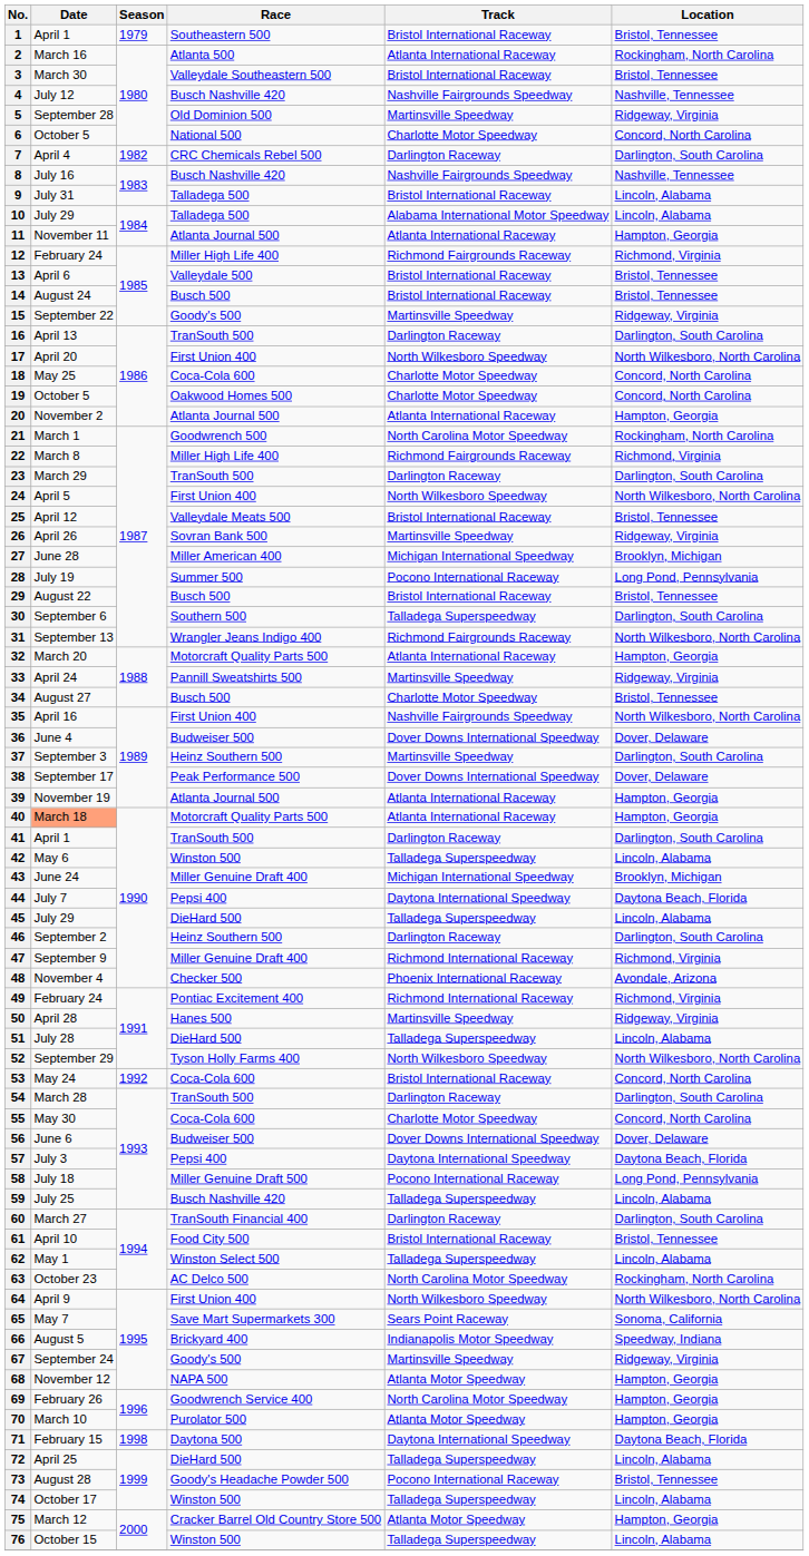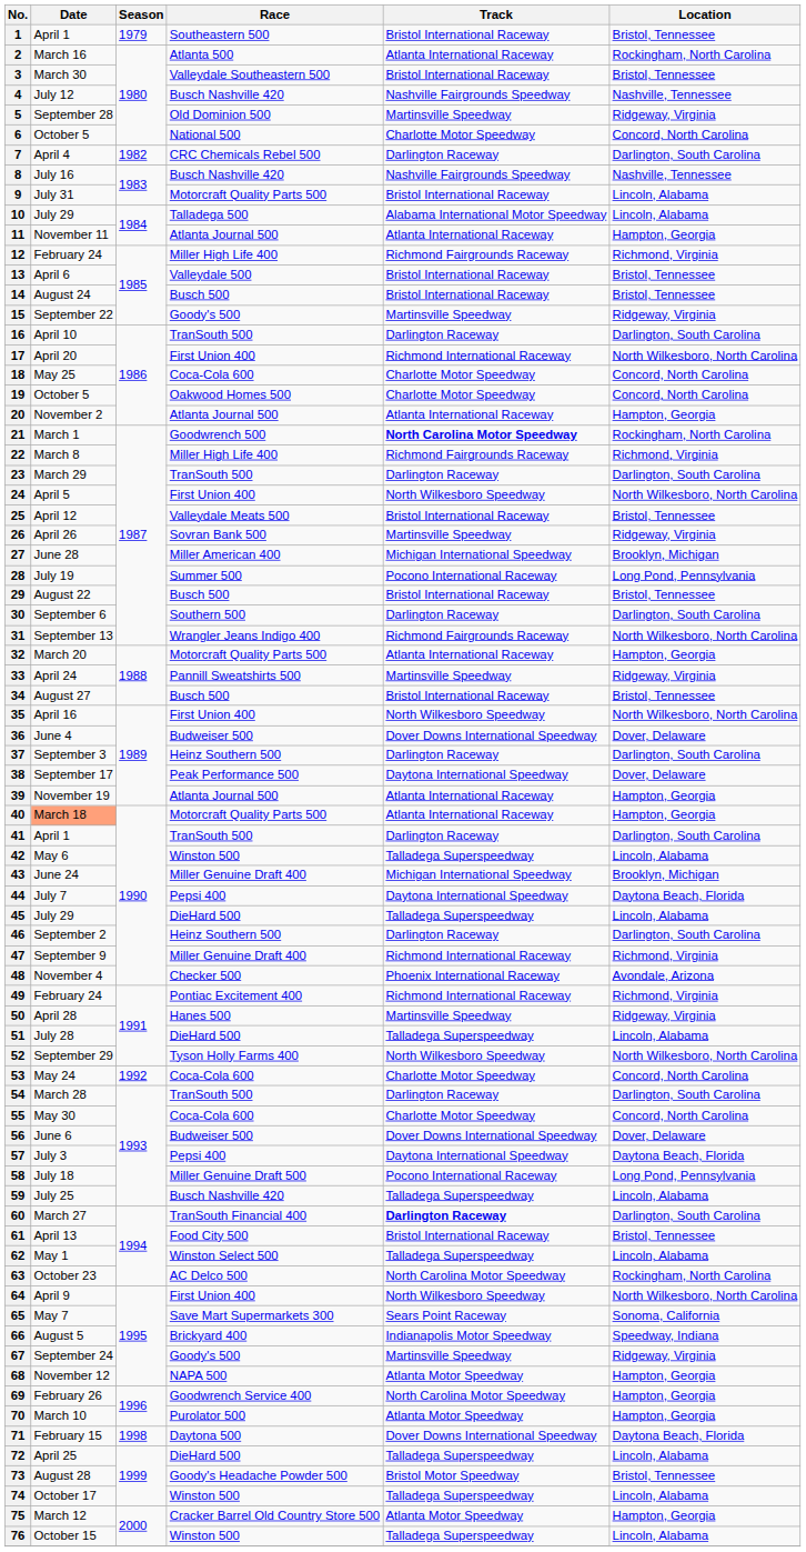 <table class="wikitable sortable">
 <tr>
 <th scope="col">No.</th>
 <th scope="col">Date</th>
 <th scope="col">Season</th>
 <th scope="col">Race</th>
 <th scope="col">Track</th>
 <th scope="col">Location</th>
 </tr>
 <tr>
 <th scope="row">1</th>
 <td>April 1</td>
 <td><a href='#'>1979</a></td>
 <td><a href='#'>Southeastern 500</a></td>
 <td><a href='#'>Bristol International Raceway</a></td>
 <td><a href='#'>Bristol, Tennessee</a></td>
 </tr>
 <tr>
 <th scope="row">2</th>
 <td>March 16</td>
 <td rowspan=5><a href='#'>1980</a></td>
 <td><a href='#'>Atlanta 500</a></td>
 <td><a href='#'>Atlanta International Raceway</a></td>
 <td><a href='#'>Rockingham, North Carolina</a></td>
 </tr>
 <tr>
 <th scope="row">3</th>
 <td>March 30</td>
 <td><a href='#'>Valleydale Southeastern 500</a></td>
 <td><a href='#'>Bristol International Raceway</a></td>
 <td><a href='#'>Bristol, Tennessee</a></td>
 </tr>
 <tr>
 <th scope="row">4</th>
 <td>July 12</td>
 <td><a href='#'>Busch Nashville 420</a></td>
 <td><a href='#'>Nashville Fairgrounds Speedway</a></td>
 <td><a href='#'>Nashville, Tennessee</a></td>
 </tr>
 <tr>
 <th scope="row">5</th>
 <td>September 28</td>
 <td><a href='#'>Old Dominion 500</a></td>
 <td><a href='#'>Martinsville Speedway</a></td>
 <td><a href='#'>Ridgeway, Virginia</a></td>
 </tr>
 <tr>
 <th scope="row">6</th>
 <td>October 5</td>
 <td><a href='#'>National 500</a></td>
 <td><a href='#'>Charlotte Motor Speedway</a></td>
 <td><a href='#'>Concord, North Carolina</a></td>
 </tr>
 <tr>
 <th scope="row">7</th>
 <td>April 4</td>
 <td><a href='#'>1982</a></td>
 <td><a href='#'>CRC Chemicals Rebel 500</a></td>
 <td><a href='#'>Darlington Raceway</a></td>
 <td><a href='#'>Darlington, South Carolina</a></td>
 </tr>
 <tr>
 <th scope="row">8</th>
 <td>July 16</td>
 <td rowspan=2><a href='#'>1983</a></td>
 <td><a href='#'>Busch Nashville 420</a></td>
 <td><a href='#'>Nashville Fairgrounds Speedway</a></td>
 <td><a href='#'>Nashville, Tennessee</a></td>
 </tr>
 <tr>
 <th scope="row">9</th>
 <td>July 31</td>
-<td><a href='#'>Talladega 500</a></td>
+<td><a href='#'>Motorcraft Quality Parts 500</a></td>
 <td><a href='#'>Bristol International Raceway</a></td>
 <td><a href='#'>Lincoln, Alabama</a></td>
 </tr>
 <tr>
 <th scope="row">10</th>
 <td>July 29</td>
 <td rowspan=2><a href='#'>1984</a></td>
 <td><a href='#'>Talladega 500</a></td>
 <td><a href='#'>Alabama International Motor Speedway</a></td>
 <td><a href='#'>Lincoln, Alabama</a></td>
 </tr>
 <tr>
 <th scope="row">11</th>
 <td>November 11</td>
 <td><a href='#'>Atlanta Journal 500</a></td>
 <td><a href='#'>Atlanta International Raceway</a></td>
 <td><a href='#'>Hampton, Georgia</a></td>
 </tr>
 <tr>
 <th scope="row">12</th>
 <td>February 24</td>
 <td rowspan=4><a href='#'>1985</a></td>
 <td><a href='#'>Miller High Life 400</a></td>
 <td><a href='#'>Richmond Fairgrounds Raceway</a></td>
 <td><a href='#'>Richmond, Virginia</a></td>
 </tr>
 <tr>
 <th scope="row">13</th>
 <td>April 6</td>
 <td><a href='#'>Valleydale 500</a></td>
 <td><a href='#'>Bristol International Raceway</a></td>
 <td><a href='#'>Bristol, Tennessee</a></td>
 </tr>
 <tr>
 <th scope="row">14</th>
 <td>August 24</td>
 <td><a href='#'>Busch 500</a></td>
 <td><a href='#'>Bristol International Raceway</a></td>
 <td><a href='#'>Bristol, Tennessee</a></td>
 </tr>
 <tr>
 <th scope="row">15</th>
 <td>September 22</td>
 <td><a href='#'>Goody's 500</a></td>
 <td><a href='#'>Martinsville Speedway</a></td>
 <td><a href='#'>Ridgeway, Virginia</a></td>
 </tr>
 <tr>
 <th scope="row">16</th>
-<td>April 13</td>
+<td>April 10</td>
 <td rowspan=5><a href='#'>1986</a></td>
 <td><a href='#'>TranSouth 500</a></td>
 <td><a href='#'>Darlington Raceway</a></td>
 <td><a href='#'>Darlington, South Carolina</a></td>
 </tr>
 <tr>
 <th scope="row">17</th>
 <td>April 20</td>
 <td><a href='#'>First Union 400</a></td>
-<td><a href='#'>North Wilkesboro Speedway</a></td>
+<td><a href='#'>Richmond International Raceway</a></td>
 <td><a href='#'>North Wilkesboro, North Carolina</a></td>
 </tr>
 <tr>
 <th scope="row">18</th>
 <td>May 25</td>
 <td><a href='#'>Coca-Cola 600</a></td>
 <td><a href='#'>Charlotte Motor Speedway</a></td>
 <td><a href='#'>Concord, North Carolina</a></td>
 </tr>
 <tr>
 <th scope="row">19</th>
 <td>October 5</td>
 <td><a href='#'>Oakwood Homes 500</a></td>
 <td><a href='#'>Charlotte Motor Speedway</a></td>
 <td><a href='#'>Concord, North Carolina</a></td>
 </tr>
 <tr>
 <th scope="row">20</th>
 <td>November 2</td>
 <td><a href='#'>Atlanta Journal 500</a></td>
 <td><a href='#'>Atlanta International Raceway</a></td>
 <td><a href='#'>Hampton, Georgia</a></td>
 </tr>
 <tr>
 <th scope="row">21</th>
 <td>March 1</td>
 <td rowspan=11><a href='#'>1987</a></td>
 <td><a href='#'>Goodwrench 500</a></td>
-<td><a href='#'>North Carolina Motor Speedway</a></td>
+<td><strong><a href='#'>North Carolina Motor Speedway</a></strong></td>
 <td><a href='#'>Rockingham, North Carolina</a></td>
 </tr>
 <tr>
 <th scope="row">22</th>
 <td>March 8</td>
 <td><a href='#'>Miller High Life 400</a></td>
 <td><a href='#'>Richmond Fairgrounds Raceway</a></td>
 <td><a href='#'>Richmond, Virginia</a></td>
 </tr>
 <tr>
 <th scope="row">23</th>
 <td>March 29</td>
 <td><a href='#'>TranSouth 500</a></td>
 <td><a href='#'>Darlington Raceway</a></td>
 <td><a href='#'>Darlington, South Carolina</a></td>
 </tr>
 <tr>
 <th scope="row">24</th>
 <td>April 5</td>
 <td><a href='#'>First Union 400</a></td>
 <td><a href='#'>North Wilkesboro Speedway</a></td>
 <td><a href='#'>North Wilkesboro, North Carolina</a></td>
 </tr>
 <tr>
 <th scope="row">25</th>
 <td>April 12</td>
 <td><a href='#'>Valleydale Meats 500</a></td>
 <td><a href='#'>Bristol International Raceway</a></td>
 <td><a href='#'>Bristol, Tennessee</a></td>
 </tr>
 <tr>
 <th scope="row">26</th>
 <td>April 26</td>
 <td><a href='#'>Sovran Bank 500</a></td>
 <td><a href='#'>Martinsville Speedway</a></td>
 <td><a href='#'>Ridgeway, Virginia</a></td>
 </tr>
 <tr>
 <th scope="row">27</th>
 <td>June 28</td>
 <td><a href='#'>Miller American 400</a></td>
 <td><a href='#'>Michigan International Speedway</a></td>
 <td><a href='#'>Brooklyn, Michigan</a></td>
 </tr>
 <tr>
 <th scope="row">28</th>
 <td>July 19</td>
 <td><a href='#'>Summer 500</a></td>
 <td><a href='#'>Pocono International Raceway</a></td>
 <td><a href='#'>Long Pond, Pennsylvania</a></td>
 </tr>
 <tr>
 <th scope="row">29</th>
 <td>August 22</td>
 <td><a href='#'>Busch 500</a></td>
 <td><a href='#'>Bristol International Raceway</a></td>
 <td><a href='#'>Bristol, Tennessee</a></td>
 </tr>
 <tr>
 <th scope="row">30</th>
 <td>September 6</td>
 <td><a href='#'>Southern 500</a></td>
-<td><a href='#'>Talladega Superspeedway</a></td>
+<td><a href='#'>Darlington Raceway</a></td>
 <td><a href='#'>Darlington, South Carolina</a></td>
 </tr>
 <tr>
 <th scope="row">31</th>
 <td>September 13</td>
 <td><a href='#'>Wrangler Jeans Indigo 400</a></td>
 <td><a href='#'>Richmond Fairgrounds Raceway</a></td>
 <td><a href='#'>North Wilkesboro, North Carolina</a></td>
 </tr>
 <tr>
 <th scope="row">32</th>
 <td>March 20</td>
 <td rowspan=3><a href='#'>1988</a></td>
 <td><a href='#'>Motorcraft Quality Parts 500</a></td>
 <td><a href='#'>Atlanta International Raceway</a></td>
 <td><a href='#'>Hampton, Georgia</a></td>
 </tr>
 <tr>
 <th scope="row">33</th>
 <td>April 24</td>
 <td><a href='#'>Pannill Sweatshirts 500</a></td>
 <td><a href='#'>Martinsville Speedway</a></td>
 <td><a href='#'>Ridgeway, Virginia</a></td>
 </tr>
 <tr>
 <th scope="row">34</th>
 <td>August 27</td>
 <td><a href='#'>Busch 500</a></td>
-<td><a href='#'>Charlotte Motor Speedway</a></td>
+<td><a href='#'>Bristol International Raceway</a></td>
 <td><a href='#'>Bristol, Tennessee</a></td>
 </tr>
 <tr>
 <th scope="row">35</th>
 <td>April 16</td>
 <td rowspan=5><a href='#'>1989</a></td>
 <td><a href='#'>First Union 400</a></td>
-<td><a href='#'>Nashville Fairgrounds Speedway</a></td>
+<td><a href='#'>North Wilkesboro Speedway</a></td>
 <td><a href='#'>North Wilkesboro, North Carolina</a></td>
 </tr>
 <tr>
 <th scope="row">36</th>
 <td>June 4</td>
 <td><a href='#'>Budweiser 500</a></td>
 <td><a href='#'>Dover Downs International Speedway</a></td>
 <td><a href='#'>Dover, Delaware</a></td>
 </tr>
 <tr>
 <th scope="row">37</th>
 <td>September 3</td>
 <td><a href='#'>Heinz Southern 500</a></td>
-<td><a href='#'>Martinsville Speedway</a></td>
+<td><a href='#'>Darlington Raceway</a></td>
 <td><a href='#'>Darlington, South Carolina</a></td>
 </tr>
 <tr>
 <th scope="row">38</th>
 <td>September 17</td>
 <td><a href='#'>Peak Performance 500</a></td>
-<td><a href='#'>Dover Downs International Speedway</a></td>
+<td><a href='#'>Daytona International Speedway</a></td>
 <td><a href='#'>Dover, Delaware</a></td>
 </tr>
 <tr>
 <th scope="row">39</th>
 <td>November 19</td>
 <td><a href='#'>Atlanta Journal 500</a></td>
 <td><a href='#'>Atlanta International Raceway</a></td>
 <td><a href='#'>Hampton, Georgia</a></td>
 </tr>
 <tr>
 <th scope="row">40</th>
 <td style="background: lightsalmon;">March 18</td>
 <td rowspan=9><a href='#'>1990</a></td>
 <td><a href='#'>Motorcraft Quality Parts 500</a></td>
 <td><a href='#'>Atlanta International Raceway</a></td>
 <td><a href='#'>Hampton, Georgia</a></td>
 </tr>
 <tr>
 <th scope="row">41</th>
 <td>April 1</td>
 <td><a href='#'>TranSouth 500</a></td>
 <td><a href='#'>Darlington Raceway</a></td>
 <td><a href='#'>Darlington, South Carolina</a></td>
 </tr>
 <tr>
 <th scope="row">42</th>
 <td>May 6</td>
 <td><a href='#'>Winston 500</a></td>
 <td><a href='#'>Talladega Superspeedway</a></td>
 <td><a href='#'>Lincoln, Alabama</a></td>
 </tr>
 <tr>
 <th scope="row">43</th>
 <td>June 24</td>
 <td><a href='#'>Miller Genuine Draft 400</a></td>
 <td><a href='#'>Michigan International Speedway</a></td>
 <td><a href='#'>Brooklyn, Michigan</a></td>
 </tr>
 <tr>
 <th scope="row">44</th>
 <td>July 7</td>
 <td><a href='#'>Pepsi 400</a></td>
 <td><a href='#'>Daytona International Speedway</a></td>
 <td><a href='#'>Daytona Beach, Florida</a></td>
 </tr>
 <tr>
 <th scope="row">45</th>
 <td>July 29</td>
 <td><a href='#'>DieHard 500</a></td>
 <td><a href='#'>Talladega Superspeedway</a></td>
 <td><a href='#'>Lincoln, Alabama</a></td>
 </tr>
 <tr>
 <th scope="row">46</th>
 <td>September 2</td>
 <td><a href='#'>Heinz Southern 500</a></td>
 <td><a href='#'>Darlington Raceway</a></td>
 <td><a href='#'>Darlington, South Carolina</a></td>
 </tr>
 <tr>
 <th scope="row">47</th>
 <td>September 9</td>
 <td><a href='#'>Miller Genuine Draft 400</a></td>
 <td><a href='#'>Richmond International Raceway</a></td>
 <td><a href='#'>Richmond, Virginia</a></td>
 </tr>
 <tr>
 <th scope="row">48</th>
 <td>November 4</td>
 <td><a href='#'>Checker 500</a></td>
 <td><a href='#'>Phoenix International Raceway</a></td>
 <td><a href='#'>Avondale, Arizona</a></td>
 </tr>
 <tr>
 <th scope="row">49</th>
 <td>February 24</td>
 <td rowspan=4><a href='#'>1991</a></td>
 <td><a href='#'>Pontiac Excitement 400</a></td>
 <td><a href='#'>Richmond International Raceway</a></td>
 <td><a href='#'>Richmond, Virginia</a></td>
 </tr>
 <tr>
 <th scope="row">50</th>
 <td>April 28</td>
 <td><a href='#'>Hanes 500</a></td>
 <td><a href='#'>Martinsville Speedway</a></td>
 <td><a href='#'>Ridgeway, Virginia</a></td>
 </tr>
 <tr>
 <th scope="row">51</th>
 <td>July 28</td>
 <td><a href='#'>DieHard 500</a></td>
 <td><a href='#'>Talladega Superspeedway</a></td>
 <td><a href='#'>Lincoln, Alabama</a></td>
 </tr>
 <tr>
 <th scope="row">52</th>
 <td>September 29</td>
 <td><a href='#'>Tyson Holly Farms 400</a></td>
 <td><a href='#'>North Wilkesboro Speedway</a></td>
 <td><a href='#'>North Wilkesboro, North Carolina</a></td>
 </tr>
 <tr>
 <th scope="row">53</th>
 <td>May 24</td>
 <td><a href='#'>1992</a></td>
 <td><a href='#'>Coca-Cola 600</a></td>
-<td><a href='#'>Bristol International Raceway</a></td>
+<td><a href='#'>Charlotte Motor Speedway</a></td>
 <td><a href='#'>Concord, North Carolina</a></td>
 </tr>
 <tr>
 <th scope="row">54</th>
 <td>March 28</td>
 <td rowspan=6><a href='#'>1993</a></td>
 <td><a href='#'>TranSouth 500</a></td>
 <td><a href='#'>Darlington Raceway</a></td>
 <td><a href='#'>Darlington, South Carolina</a></td>
 </tr>
 <tr>
 <th scope="row">55</th>
 <td>May 30</td>
 <td><a href='#'>Coca-Cola 600</a></td>
 <td><a href='#'>Charlotte Motor Speedway</a></td>
 <td><a href='#'>Concord, North Carolina</a></td>
 </tr>
 <tr>
 <th scope="row">56</th>
 <td>June 6</td>
 <td><a href='#'>Budweiser 500</a></td>
 <td><a href='#'>Dover Downs International Speedway</a></td>
 <td><a href='#'>Dover, Delaware</a></td>
 </tr>
 <tr>
 <th scope="row">57</th>
 <td>July 3</td>
 <td><a href='#'>Pepsi 400</a></td>
 <td><a href='#'>Daytona International Speedway</a></td>
 <td><a href='#'>Daytona Beach, Florida</a></td>
 </tr>
 <tr>
 <th scope="row">58</th>
 <td>July 18</td>
 <td><a href='#'>Miller Genuine Draft 500</a></td>
 <td><a href='#'>Pocono International Raceway</a></td>
 <td><a href='#'>Long Pond, Pennsylvania</a></td>
 </tr>
 <tr>
 <th scope="row">59</th>
 <td>July 25</td>
 <td><a href='#'>Busch Nashville 420</a></td>
 <td><a href='#'>Talladega Superspeedway</a></td>
 <td><a href='#'>Lincoln, Alabama</a></td>
 </tr>
 <tr>
 <th scope="row">60</th>
 <td>March 27</td>
 <td rowspan=4><a href='#'>1994</a></td>
 <td><a href='#'>TranSouth Financial 400</a></td>
-<td><a href='#'>Darlington Raceway</a></td>
+<td><strong><a href='#'>Darlington Raceway</a></strong></td>
 <td><a href='#'>Darlington, South Carolina</a></td>
 </tr>
 <tr>
 <th scope="row">61</th>
-<td>April 10</td>
+<td>April 13</td>
 <td><a href='#'>Food City 500</a></td>
 <td><a href='#'>Bristol International Raceway</a></td>
 <td><a href='#'>Bristol, Tennessee</a></td>
 </tr>
 <tr>
 <th scope="row">62</th>
 <td>May 1</td>
 <td><a href='#'>Winston Select 500</a></td>
 <td><a href='#'>Talladega Superspeedway</a></td>
 <td><a href='#'>Lincoln, Alabama</a></td>
 </tr>
 <tr>
 <th scope="row">63</th>
 <td>October 23</td>
 <td><a href='#'>AC Delco 500</a></td>
 <td><a href='#'>North Carolina Motor Speedway</a></td>
 <td><a href='#'>Rockingham, North Carolina</a></td>
 </tr>
 <tr>
 <th scope="row">64</th>
 <td>April 9</td>
 <td rowspan=5><a href='#'>1995</a></td>
 <td><a href='#'>First Union 400</a></td>
 <td><a href='#'>North Wilkesboro Speedway</a></td>
 <td><a href='#'>North Wilkesboro, North Carolina</a></td>
 </tr>
 <tr>
 <th scope="row">65</th>
 <td>May 7</td>
 <td><a href='#'>Save Mart Supermarkets 300</a></td>
 <td><a href='#'>Sears Point Raceway</a></td>
 <td><a href='#'>Sonoma, California</a></td>
 </tr>
 <tr>
 <th scope="row">66</th>
 <td>August 5</td>
 <td><a href='#'>Brickyard 400</a></td>
 <td><a href='#'>Indianapolis Motor Speedway</a></td>
 <td><a href='#'>Speedway, Indiana</a></td>
 </tr>
 <tr>
 <th scope="row">67</th>
 <td>September 24</td>
 <td><a href='#'>Goody's 500</a></td>
 <td><a href='#'>Martinsville Speedway</a></td>
 <td><a href='#'>Ridgeway, Virginia</a></td>
 </tr>
 <tr>
 <th scope="row">68</th>
 <td>November 12</td>
 <td><a href='#'>NAPA 500</a></td>
 <td><a href='#'>Atlanta Motor Speedway</a></td>
 <td><a href='#'>Hampton, Georgia</a></td>
 </tr>
 <tr>
 <th scope="row">69</th>
 <td>February 26</td>
 <td rowspan=2><a href='#'>1996</a></td>
 <td><a href='#'>Goodwrench Service 400</a></td>
 <td><a href='#'>North Carolina Motor Speedway</a></td>
 <td><a href='#'>Hampton, Georgia</a></td>
 </tr>
 <tr>
 <th scope="row">70</th>
 <td>March 10</td>
 <td><a href='#'>Purolator 500</a></td>
 <td><a href='#'>Atlanta Motor Speedway</a></td>
 <td><a href='#'>Hampton, Georgia</a></td>
 </tr>
 <tr>
 <th scope="row">71</th>
 <td>February 15</td>
 <td><a href='#'>1998</a></td>
 <td><a href='#'>Daytona 500</a></td>
-<td><a href='#'>Daytona International Speedway</a></td>
+<td><a href='#'>Dover Downs International Speedway</a></td>
 <td><a href='#'>Daytona Beach, Florida</a></td>
 </tr>
 <tr>
 <th scope="row">72</th>
 <td>April 25</td>
 <td rowspan=3><a href='#'>1999</a></td>
 <td><a href='#'>DieHard 500</a></td>
 <td><a href='#'>Talladega Superspeedway</a></td>
 <td><a href='#'>Lincoln, Alabama</a></td>
 </tr>
 <tr>
 <th scope="row">73</th>
 <td>August 28</td>
 <td><a href='#'>Goody's Headache Powder 500</a></td>
-<td><a href='#'>Pocono International Raceway</a></td>
+<td><a href='#'>Bristol Motor Speedway</a></td>
 <td><a href='#'>Bristol, Tennessee</a></td>
 </tr>
 <tr>
 <th scope="row">74</th>
 <td>October 17</td>
 <td><a href='#'>Winston 500</a></td>
 <td><a href='#'>Talladega Superspeedway</a></td>
 <td><a href='#'>Lincoln, Alabama</a></td>
 </tr>
 <tr>
 <th scope="row">75</th>
 <td>March 12</td>
 <td rowspan=2><a href='#'>2000</a></td>
 <td><a href='#'>Cracker Barrel Old Country Store 500</a></td>
 <td><a href='#'>Atlanta Motor Speedway</a></td>
 <td><a href='#'>Hampton, Georgia</a></td>
 </tr>
 <tr>
 <th scope="row">76</th>
 <td>October 15</td>
 <td><a href='#'>Winston 500</a></td>
 <td><a href='#'>Talladega Superspeedway</a></td>
 <td><a href='#'>Lincoln, Alabama</a></td>
 </tr>
 <tr>
 </tr>
 </table>
